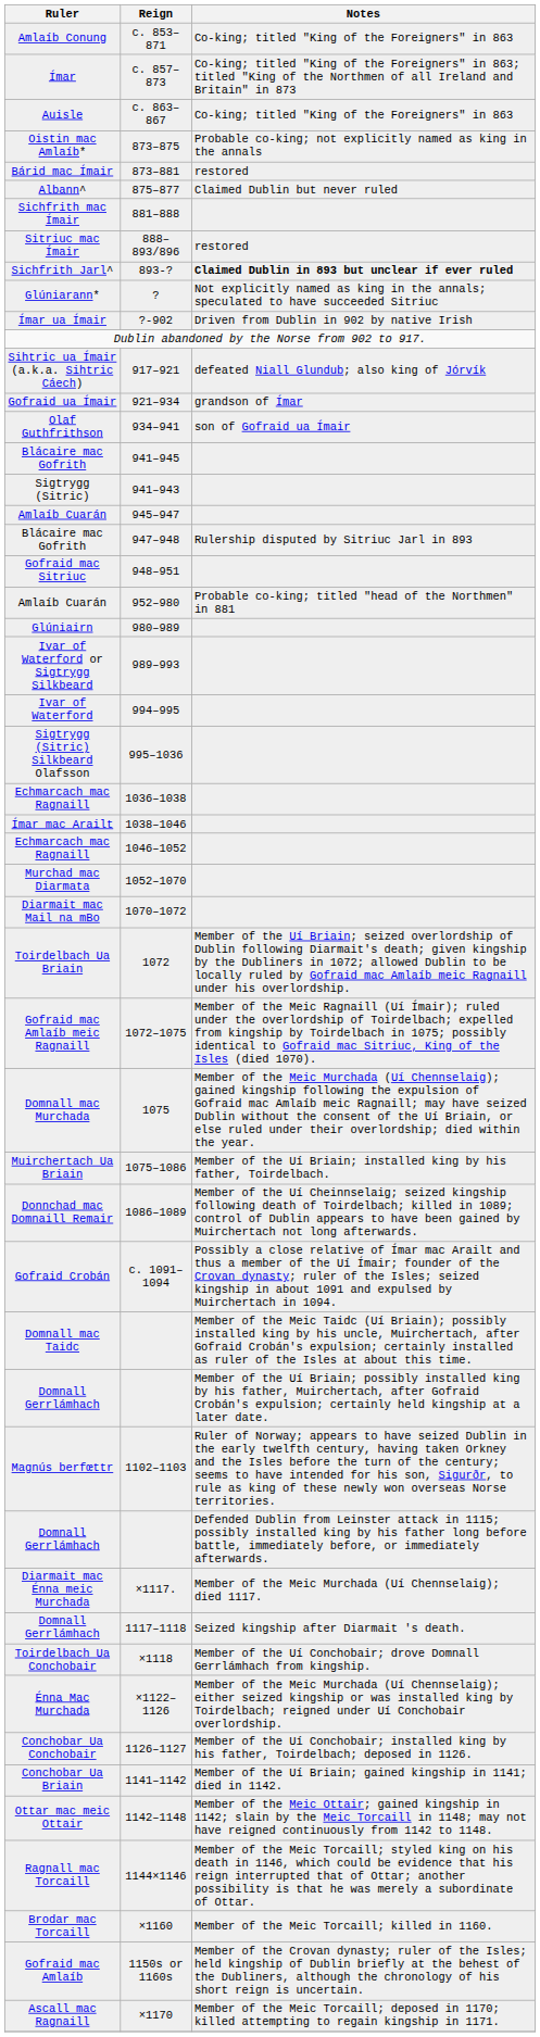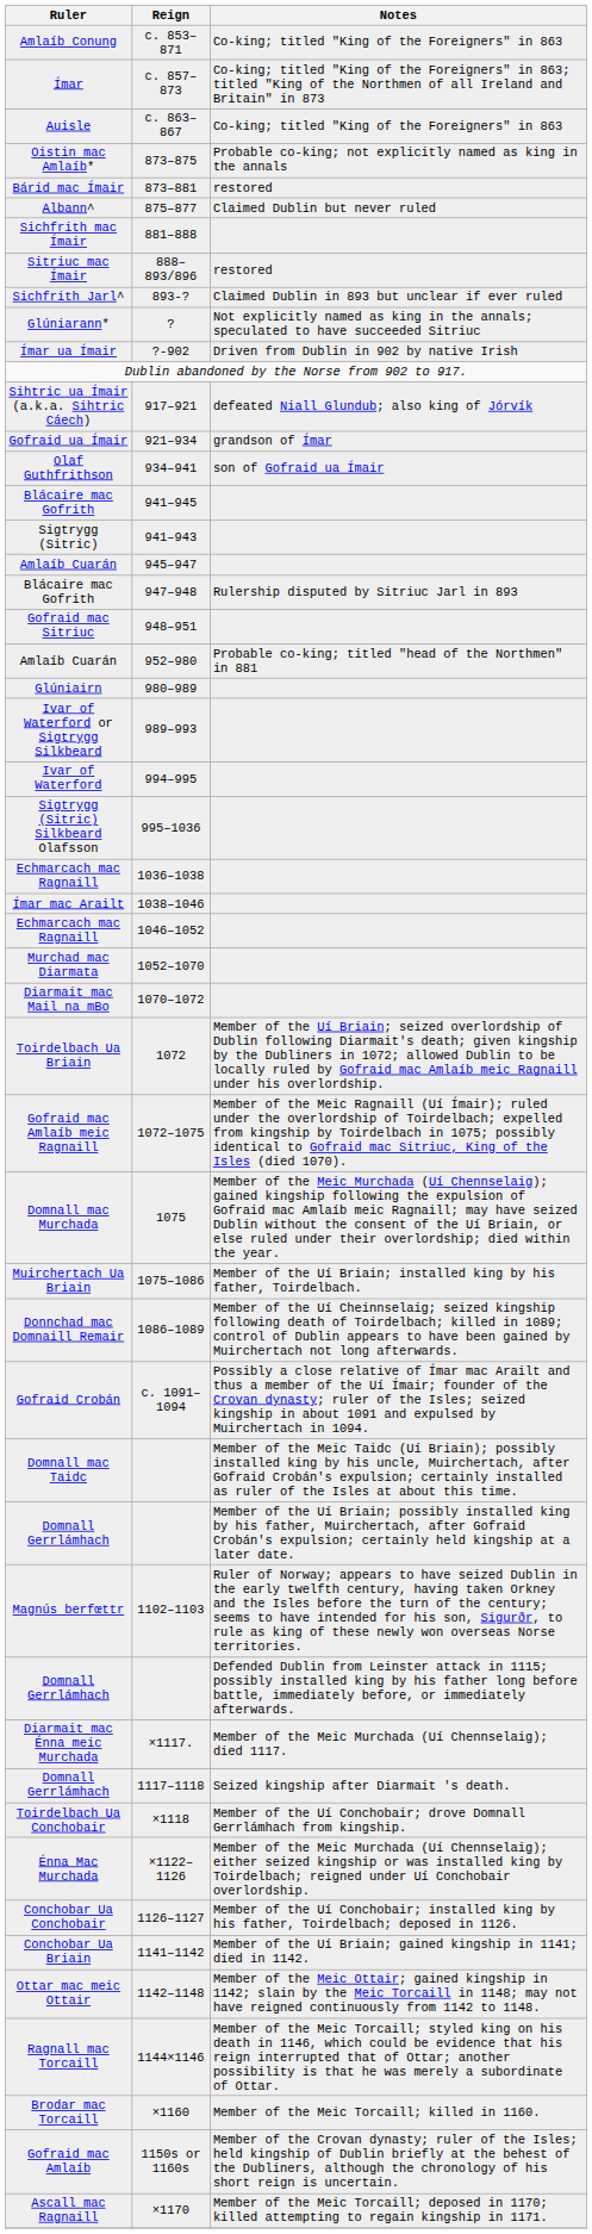 <table class="wikitable">
 <tr>
 <th>Ruler</th>
 <th>Reign</th>
 <th>Notes</th>
 </tr>
 <tr bgcolor=#EFEFEF>
 <td align=center><a href='#'>Amlaíb Conung</a></td>
 <td align=center>c. 853–871</td>
 <td>Co-king; titled "King of the Foreigners" in 863</td>
 </tr>
 <tr bgcolor=#EFEFEF>
 <td align=center><a href='#'>Ímar</a></td>
 <td align=center>c. 857–873</td>
 <td>Co-king; titled "King of the Foreigners" in 863; titled "King of the Northmen of all Ireland and Britain" in 873</td>
 </tr>
 <tr bgcolor=#EFEFEF>
 <td align=center><a href='#'>Auisle</a></td>
 <td align=center>c. 863–867</td>
 <td>Co-king; titled "King of the Foreigners" in 863</td>
 </tr>
 <tr bgcolor=#EFEFEF>
 <td align=center><a href='#'>Oistin mac Amlaíb</a>*</td>
 <td align=center>873–875</td>
 <td>Probable co-king; not explicitly named as king in the annals</td>
 </tr>
 <tr bgcolor=#EFEFEF>
 <td align=center><a href='#'>Bárid mac Ímair</a></td>
 <td align=center>873–881</td>
 <td>restored</td>
 </tr>
 <tr bgcolor=#EFEFEF>
 <td align=center><a href='#'>Albann</a>^</td>
 <td align=center>875–877</td>
 <td>Claimed Dublin but never ruled</td>
 </tr>
 <tr bgcolor=#EFEFEF>
 <td align=center><a href='#'>Sichfrith mac Ímair</a></td>
 <td align=center>881–888</td>
 <td></td>
 </tr>
 <tr bgcolor=#EFEFEF>
 <td align=center><a href='#'>Sitriuc mac Ímair</a></td>
 <td align=center>888–893/896</td>
 <td>restored</td>
 </tr>
 <tr bgcolor=#EFEFEF>
 <td align=center><a href='#'>Sichfrith Jarl</a>^</td>
 <td align=center>893-?</td>
-<td><strong>Claimed Dublin in 893 but unclear if ever ruled</strong></td>
+<td>Claimed Dublin in 893 but unclear if ever ruled</td>
 </tr>
 <tr bgcolor=#EFEFEF>
 <td align=center><a href='#'>Glúniarann</a>*</td>
 <td align=center>?</td>
 <td>Not explicitly named as king in the annals; speculated to have succeeded Sitriuc</td>
 </tr>
 <tr bgcolor=#EFEFEF>
 <td align=center><a href='#'>Ímar ua Ímair</a></td>
 <td align=center>?-902</td>
 <td>Driven from Dublin in 902 by native Irish</td>
 </tr>
 <tr>
 <td align=center colspan=3><em>Dublin abandoned by the Norse from 902 to 917.</em></td>
 </tr>
 <tr bgcolor=#EFEFEF>
 <td align=center><a href='#'>Sihtric ua Ímair</a> (a.k.a. <a href='#'>Sihtric Cáech</a>)</td>
 <td align=center>917–921</td>
 <td>defeated <a href='#'>Niall Glundub</a>; also king of <a href='#'>Jórvík</a></td>
 </tr>
 <tr bgcolor=#EFEFEF>
 <td align=center><a href='#'>Gofraid ua Ímair</a></td>
 <td align=center>921–934</td>
 <td>grandson of <a href='#'>Ímar</a></td>
 </tr>
 <tr bgcolor=#EFEFEF>
 <td align=center><a href='#'>Olaf Guthfrithson</a></td>
 <td align=center>934–941</td>
 <td>son of <a href='#'>Gofraid ua Ímair</a></td>
 </tr>
 <tr bgcolor=#EFEFEF>
 <td align=center><a href='#'>Blácaire mac Gofrith</a></td>
 <td align=center>941–945</td>
 <td></td>
 </tr>
 <tr bgcolor=#EFEFEF>
 <td align=center>Sigtrygg (Sitric)</td>
 <td align=center>941–943</td>
 <td></td>
 </tr>
 <tr bgcolor=#EFEFEF>
 <td align=center><a href='#'>Amlaíb Cuarán</a></td>
 <td align=center>945–947</td>
 <td></td>
 </tr>
 <tr bgcolor=#EFEFEF>
 <td align=center>Blácaire mac Gofrith</td>
 <td align=center>947–948</td>
 <td>Rulership disputed by Sitriuc Jarl in 893</td>
 </tr>
 <tr bgcolor=#EFEFEF>
 <td align=center><a href='#'>Gofraid mac Sitriuc</a></td>
 <td align=center>948–951</td>
 <td></td>
 </tr>
 <tr bgcolor=#EFEFEF>
 <td align=center>Amlaíb Cuarán</td>
 <td align=center>952–980</td>
 <td>Probable co-king; titled "head of the Northmen" in 881</td>
 </tr>
 <tr bgcolor=#EFEFEF>
 <td align=center><a href='#'>Glúniairn</a></td>
 <td align=center>980–989</td>
 <td></td>
 </tr>
 <tr bgcolor=#EFEFEF>
 <td align=center><a href='#'>Ivar of Waterford</a> or <a href='#'>Sigtrygg Silkbeard</a></td>
 <td align=center>989–993</td>
 <td></td>
 </tr>
 <tr bgcolor=#EFEFEF>
 <td align=center><a href='#'>Ivar of Waterford</a></td>
 <td align=center>994–995</td>
 <td></td>
 </tr>
 <tr bgcolor=#EFEFEF>
 <td align=center><a href='#'>Sigtrygg (Sitric) Silkbeard</a> Olafsson</td>
 <td align=center>995–1036</td>
 <td></td>
 </tr>
 <tr bgcolor=#EFEFEF>
 <td align=center><a href='#'>Echmarcach mac Ragnaill</a></td>
 <td align=center>1036–1038</td>
 <td></td>
 </tr>
 <tr bgcolor=#EFEFEF>
 <td align=center><a href='#'>Ímar mac Arailt</a></td>
 <td align=center>1038–1046</td>
 <td></td>
 </tr>
 <tr bgcolor=#EFEFEF>
 <td align=center><a href='#'>Echmarcach mac Ragnaill</a></td>
 <td align=center>1046–1052</td>
 <td></td>
 </tr>
 <tr bgcolor=#EFEFEF>
 <td align=center><a href='#'>Murchad mac Diarmata</a></td>
 <td align=center>1052–1070</td>
 <td></td>
 </tr>
 <tr bgcolor=#EFEFEF>
 <td align=center><a href='#'>Diarmait mac Mail na mBo</a></td>
 <td align=center>1070–1072</td>
 <td></td>
 </tr>
 <tr bgcolor=#EFEFEF>
 <td align=center><a href='#'>Toirdelbach Ua Briain</a></td>
 <td align=center>1072</td>
 <td>Member of the <a href='#'>Uí Briain</a>; seized overlordship of Dublin following Diarmait's death; given kingship by the Dubliners in 1072; allowed Dublin to be locally ruled by <a href='#'>Gofraid mac Amlaíb meic Ragnaill</a> under his overlordship.</td>
 </tr>
 <tr bgcolor=#EFEFEF>
 <td align=center><a href='#'>Gofraid mac Amlaíb meic Ragnaill</a></td>
 <td align=center>1072–1075</td>
 <td>Member of the Meic Ragnaill (Uí Ímair); ruled under the overlordship of Toirdelbach; expelled from kingship by Toirdelbach in 1075; possibly identical to <a href='#'>Gofraid mac Sitriuc, King of the Isles</a> (died 1070).</td>
 </tr>
 <tr bgcolor=#EFEFEF>
 <td align=center><a href='#'>Domnall mac Murchada</a></td>
 <td align=center>1075</td>
 <td>Member of the <a href='#'>Meic Murchada</a> (<a href='#'>Uí Chennselaig</a>); gained kingship following the expulsion of Gofraid mac Amlaíb meic Ragnaill; may have seized Dublin without the consent of the Uí Briain, or else ruled under their overlordship; died within the year.</td>
 </tr>
 <tr bgcolor=#EFEFEF>
 <td align=center><a href='#'>Muirchertach Ua Briain</a></td>
 <td align=center>1075–1086</td>
 <td>Member of the Uí Briain; installed king by his father, Toirdelbach.</td>
 </tr>
 <tr bgcolor=#EFEFEF>
 <td align=center><a href='#'>Donnchad mac Domnaill Remair</a></td>
 <td align=center>1086–1089</td>
 <td>Member of the Uí Cheinnselaig; seized kingship following death of Toirdelbach; killed in 1089; control of Dublin appears to have been gained by Muirchertach not long afterwards.</td>
 </tr>
 <tr bgcolor=#EFEFEF>
 <td align=center><a href='#'>Gofraid Crobán</a></td>
 <td align=center>c. 1091–1094</td>
 <td>Possibly a close relative of Ímar mac Arailt and thus a member of the Uí Ímair; founder of the <a href='#'>Crovan dynasty</a>; ruler of the Isles; seized kingship in about 1091 and expulsed by Muirchertach in 1094.</td>
 </tr>
 <tr bgcolor=#EFEFEF>
 <td align=center><a href='#'>Domnall mac Taidc</a></td>
 <td align=center></td>
 <td>Member of the Meic Taidc (Uí Briain); possibly installed king by his uncle, Muirchertach, after Gofraid Crobán's expulsion; certainly installed as ruler of the Isles at about this time.</td>
 </tr>
 <tr bgcolor=#EFEFEF>
 <td align=center><a href='#'>Domnall Gerrlámhach</a></td>
 <td align=center></td>
 <td>Member of the Uí Briain; possibly installed king by his father, Muirchertach, after Gofraid Crobán's expulsion; certainly held kingship at a later date.</td>
 </tr>
 <tr bgcolor=#EFEFEF>
 <td align=center><a href='#'>Magnús berfœttr</a></td>
 <td align=center>1102–1103</td>
 <td>Ruler of Norway; appears to have seized Dublin in the early twelfth century, having taken Orkney and the Isles before the turn of the century; seems to have intended for his son, <a href='#'>Sigurðr</a>, to rule as king of these newly won overseas Norse territories.</td>
 </tr>
 <tr bgcolor=#EFEFEF>
 <td align=center><a href='#'>Domnall Gerrlámhach</a></td>
 <td align=center></td>
 <td>Defended Dublin from Leinster attack in 1115; possibly installed king by his father long before battle, immediately before, or immediately afterwards.</td>
 </tr>
 <tr bgcolor=#EFEFEF>
 <td align=center><a href='#'>Diarmait mac Énna meic Murchada</a></td>
 <td align=center>×1117.</td>
 <td>Member of the Meic Murchada (Uí Chennselaig); died 1117.</td>
 </tr>
 <tr bgcolor=#EFEFEF>
 <td align=center><a href='#'>Domnall Gerrlámhach</a></td>
 <td align=center>1117–1118</td>
 <td>Seized kingship after Diarmait 's death.</td>
 </tr>
 <tr bgcolor=#EFEFEF>
 <td align=center><a href='#'>Toirdelbach Ua Conchobair</a></td>
 <td align=center>×1118</td>
 <td>Member of the Uí Conchobair; drove Domnall Gerrlámhach from kingship.</td>
 </tr>
 <tr bgcolor=#EFEFEF>
 <td align=center><a href='#'>Énna Mac Murchada</a></td>
 <td align=center>×1122–1126</td>
 <td>Member of the Meic Murchada (Uí Chennselaig); either seized kingship or was installed king by Toirdelbach; reigned under Uí Conchobair overlordship.</td>
 </tr>
 <tr bgcolor=#EFEFEF>
 <td align=center><a href='#'>Conchobar Ua Conchobair</a></td>
 <td align=center>1126–1127</td>
 <td>Member of the Uí Conchobair; installed king by his father, Toirdelbach; deposed in 1126.</td>
 </tr>
 <tr bgcolor=#EFEFEF>
 <td align=center><a href='#'>Conchobar Ua Briain</a></td>
 <td align=center>1141–1142</td>
 <td>Member of the Uí Briain; gained kingship in 1141; died in 1142.</td>
 </tr>
 <tr bgcolor=#EFEFEF>
 <td align=center><a href='#'>Ottar mac meic Ottair</a></td>
 <td align=center>1142–1148</td>
 <td>Member of the <a href='#'>Meic Ottair</a>; gained kingship in 1142; slain by the <a href='#'>Meic Torcaill</a> in 1148; may not have reigned continuously from 1142 to 1148.</td>
 </tr>
 <tr bgcolor=#EFEFEF>
 <td align=center><a href='#'>Ragnall mac Torcaill</a></td>
 <td align=center>1144×1146</td>
 <td>Member of the Meic Torcaill; styled king on his death in 1146, which could be evidence that his reign interrupted that of Ottar; another possibility is that he was merely a subordinate of Ottar.</td>
 </tr>
 <tr bgcolor=#EFEFEF>
 <td align=center><a href='#'>Brodar mac Torcaill</a></td>
 <td align=center>×1160</td>
 <td>Member of the Meic Torcaill; killed in 1160.</td>
 </tr>
 <tr bgcolor=#EFEFEF>
 <td align=center><a href='#'>Gofraid mac Amlaíb</a></td>
 <td align=center>1150s or 1160s</td>
 <td>Member of the Crovan dynasty; ruler of the Isles; held kingship of Dublin briefly at the behest of the Dubliners, although the chronology of his short reign is uncertain.</td>
 </tr>
 <tr bgcolor=#EFEFEF>
 <td align=center><a href='#'>Ascall mac Ragnaill</a></td>
 <td align=center>×1170</td>
 <td>Member of the Meic Torcaill; deposed in 1170; killed attempting to regain kingship in 1171.</td>
 </tr>
 <tr>
 </tr>
 </table>
